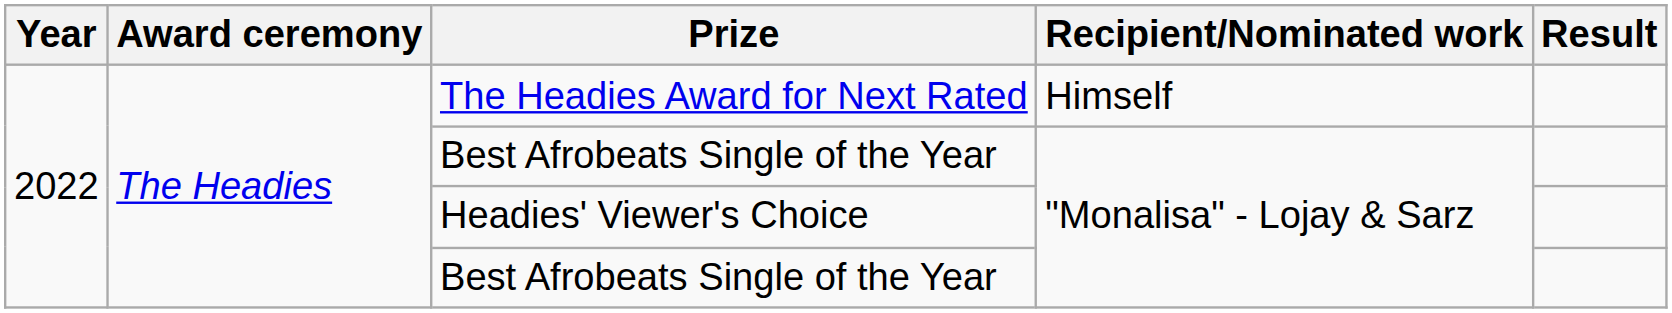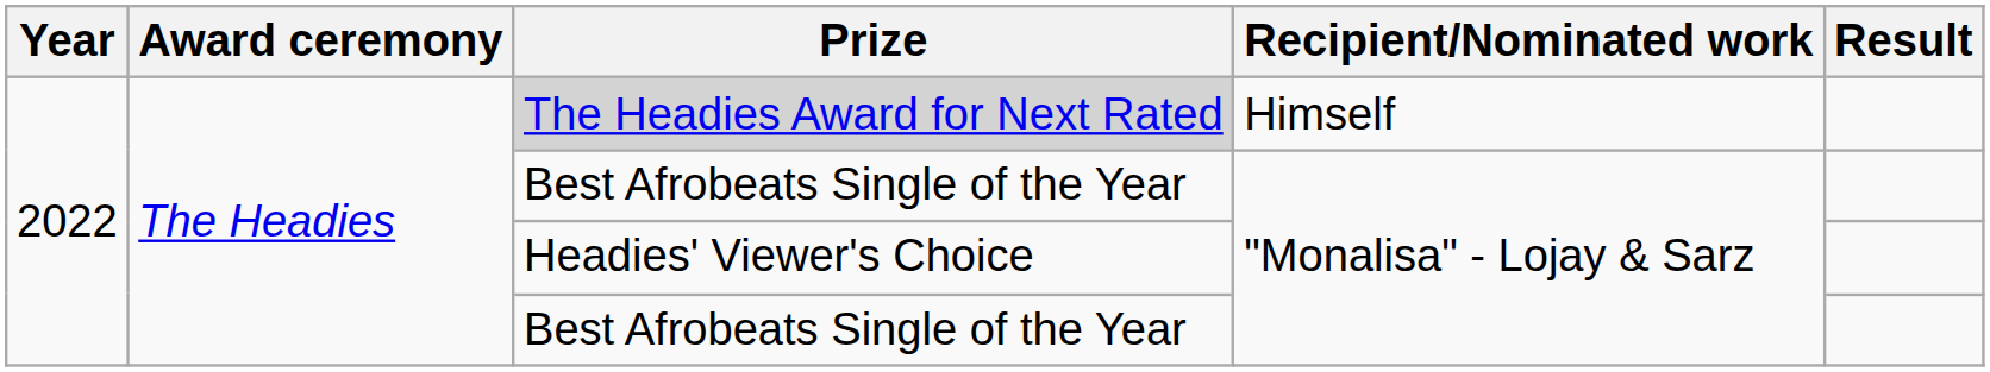 <table class ="wikitable">
 <tr>
 <th>Year</th>
 <th>Award ceremony</th>
 <th>Prize</th>
 <th>Recipient/Nominated work</th>
 <th>Result</th>
 </tr>
 <tr>
 <td rowspan="5">2022</td>
 <td rowspan="5"><em><a href='#'>The Headies</a></em></td>
-<td><a href='#'>The Headies Award for Next Rated</a></td>
+<td style="background: lightgrey;"><a href='#'>The Headies Award for Next Rated</a></td>
 <td>Himself</td>
 <td></td>
 </tr>
 <tr>
 <td>Best Afrobeats Single of the Year</td>
 <td rowspan="3">"Monalisa" - Lojay & Sarz</td>
 <td></td>
 </tr>
 <tr>
 <td>Headies' Viewer's Choice</td>
 <td></td>
 </tr>
 <tr>
 <td>Best Afrobeats Single of the Year</td>
 <td></td>
 </tr>
 </table>
